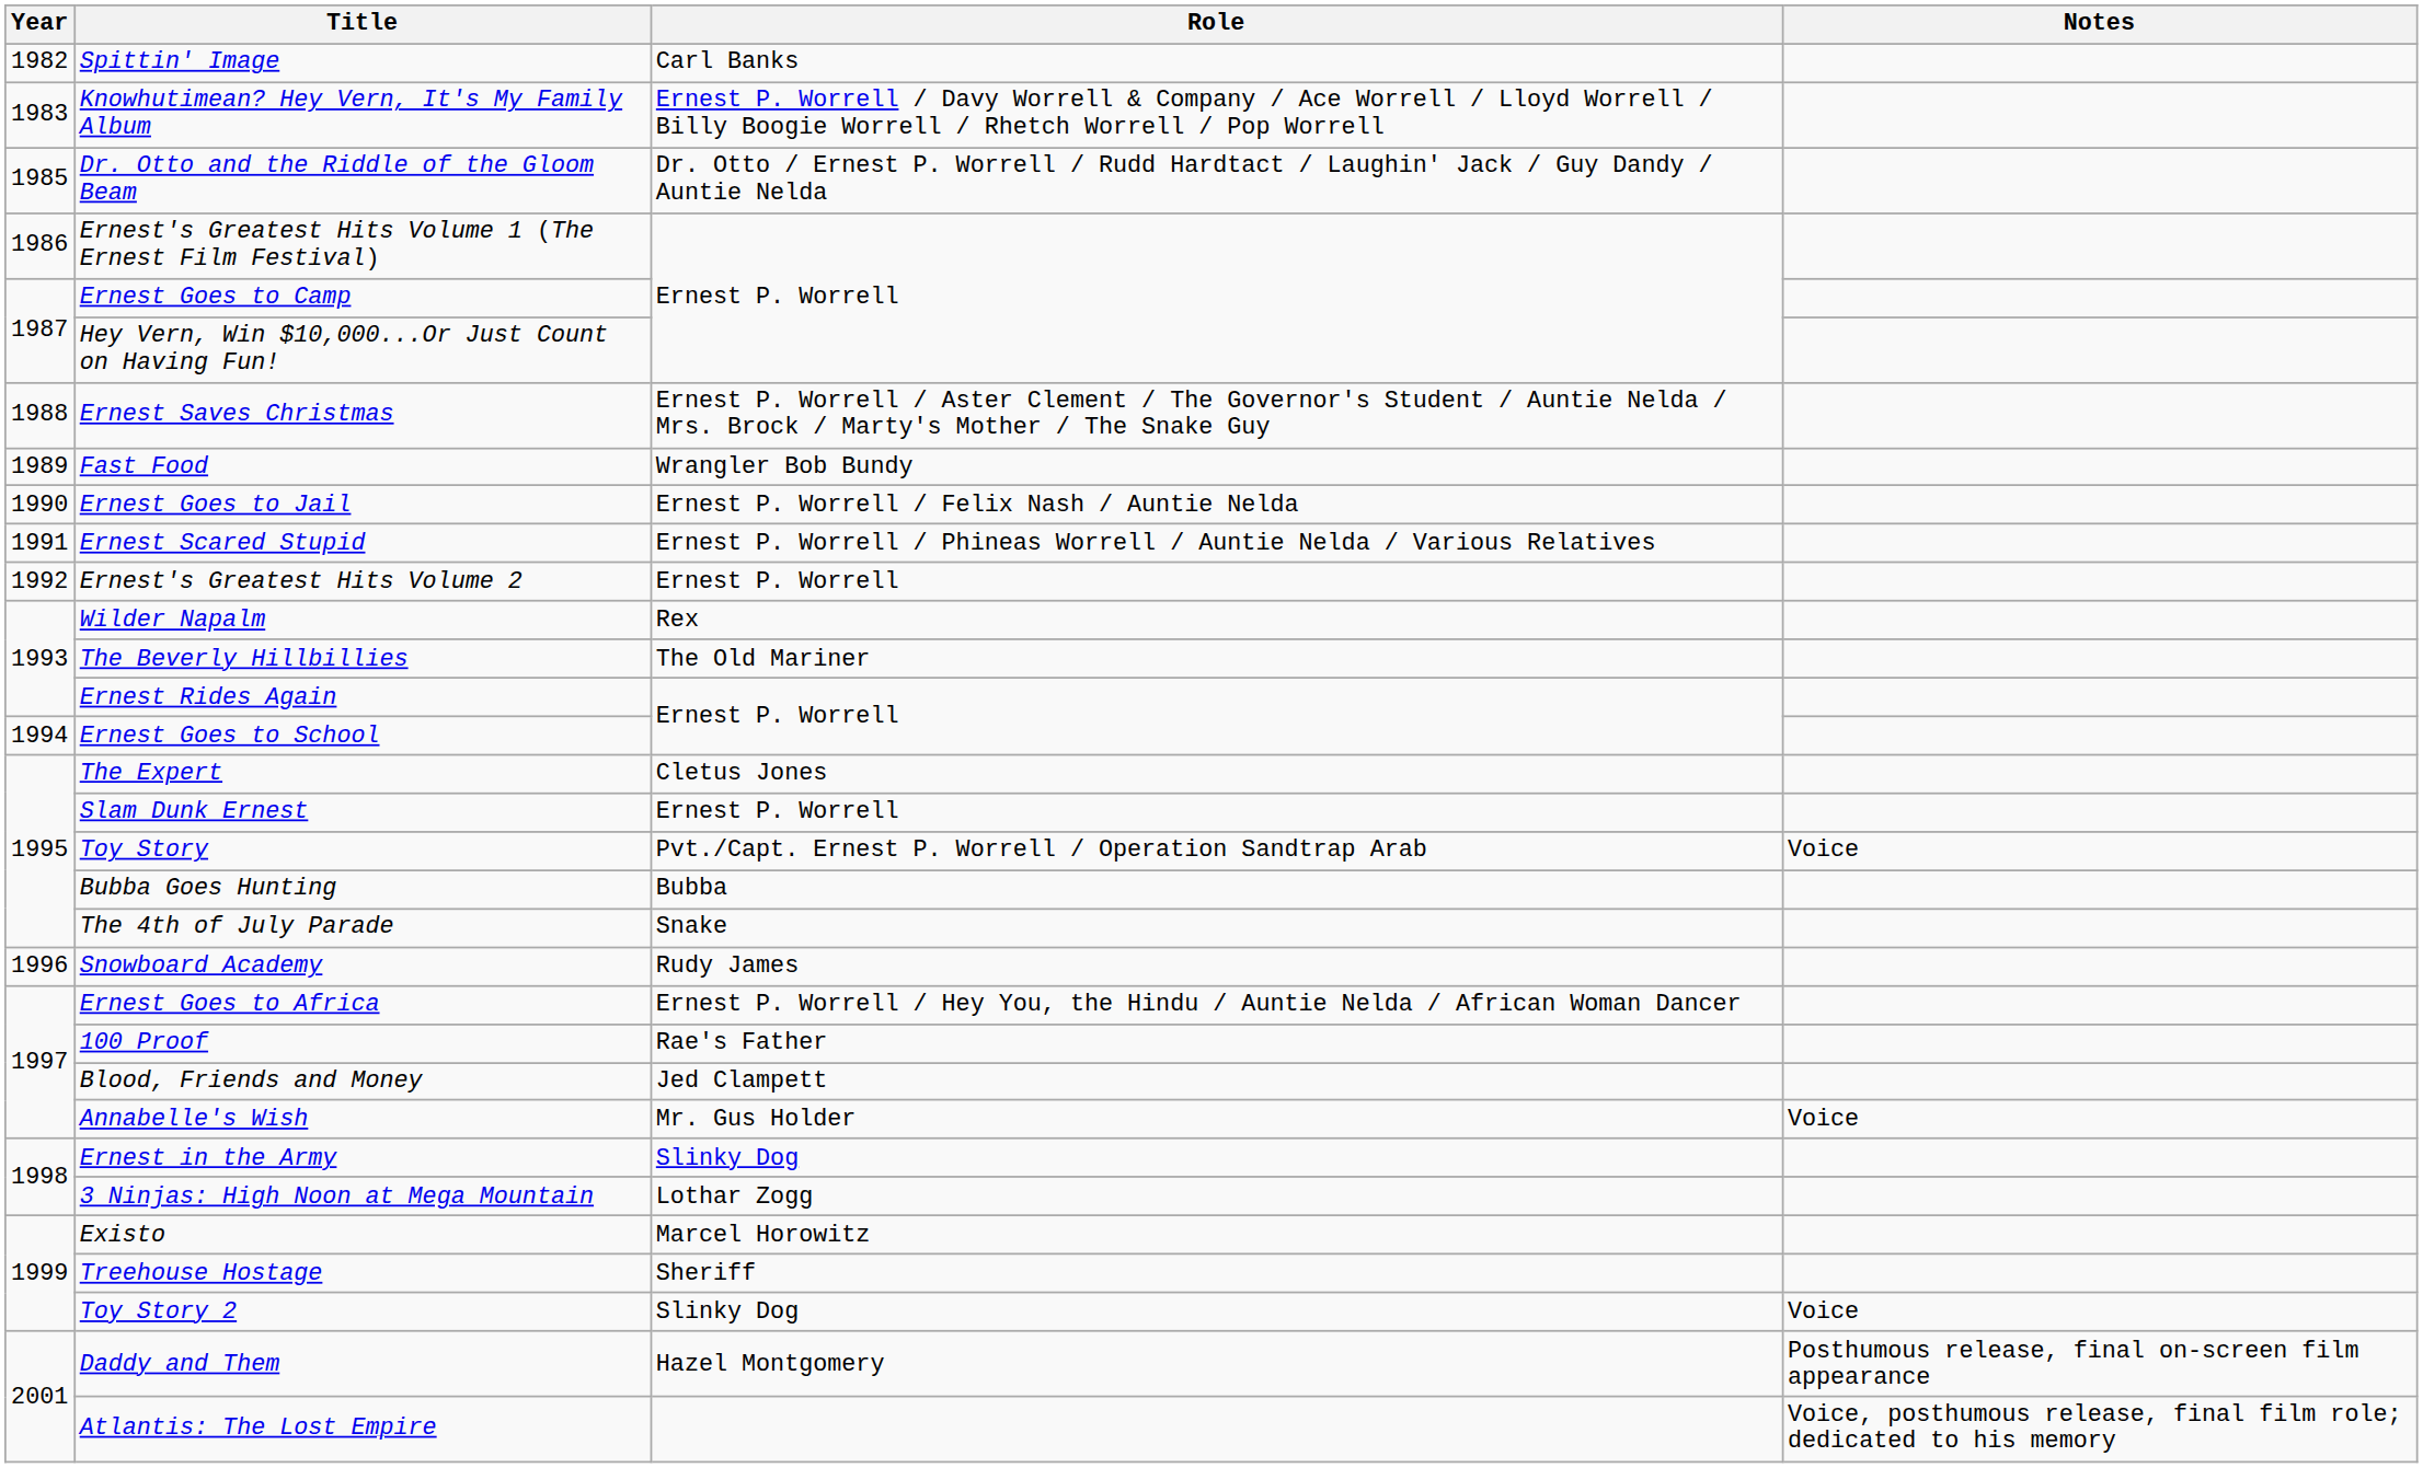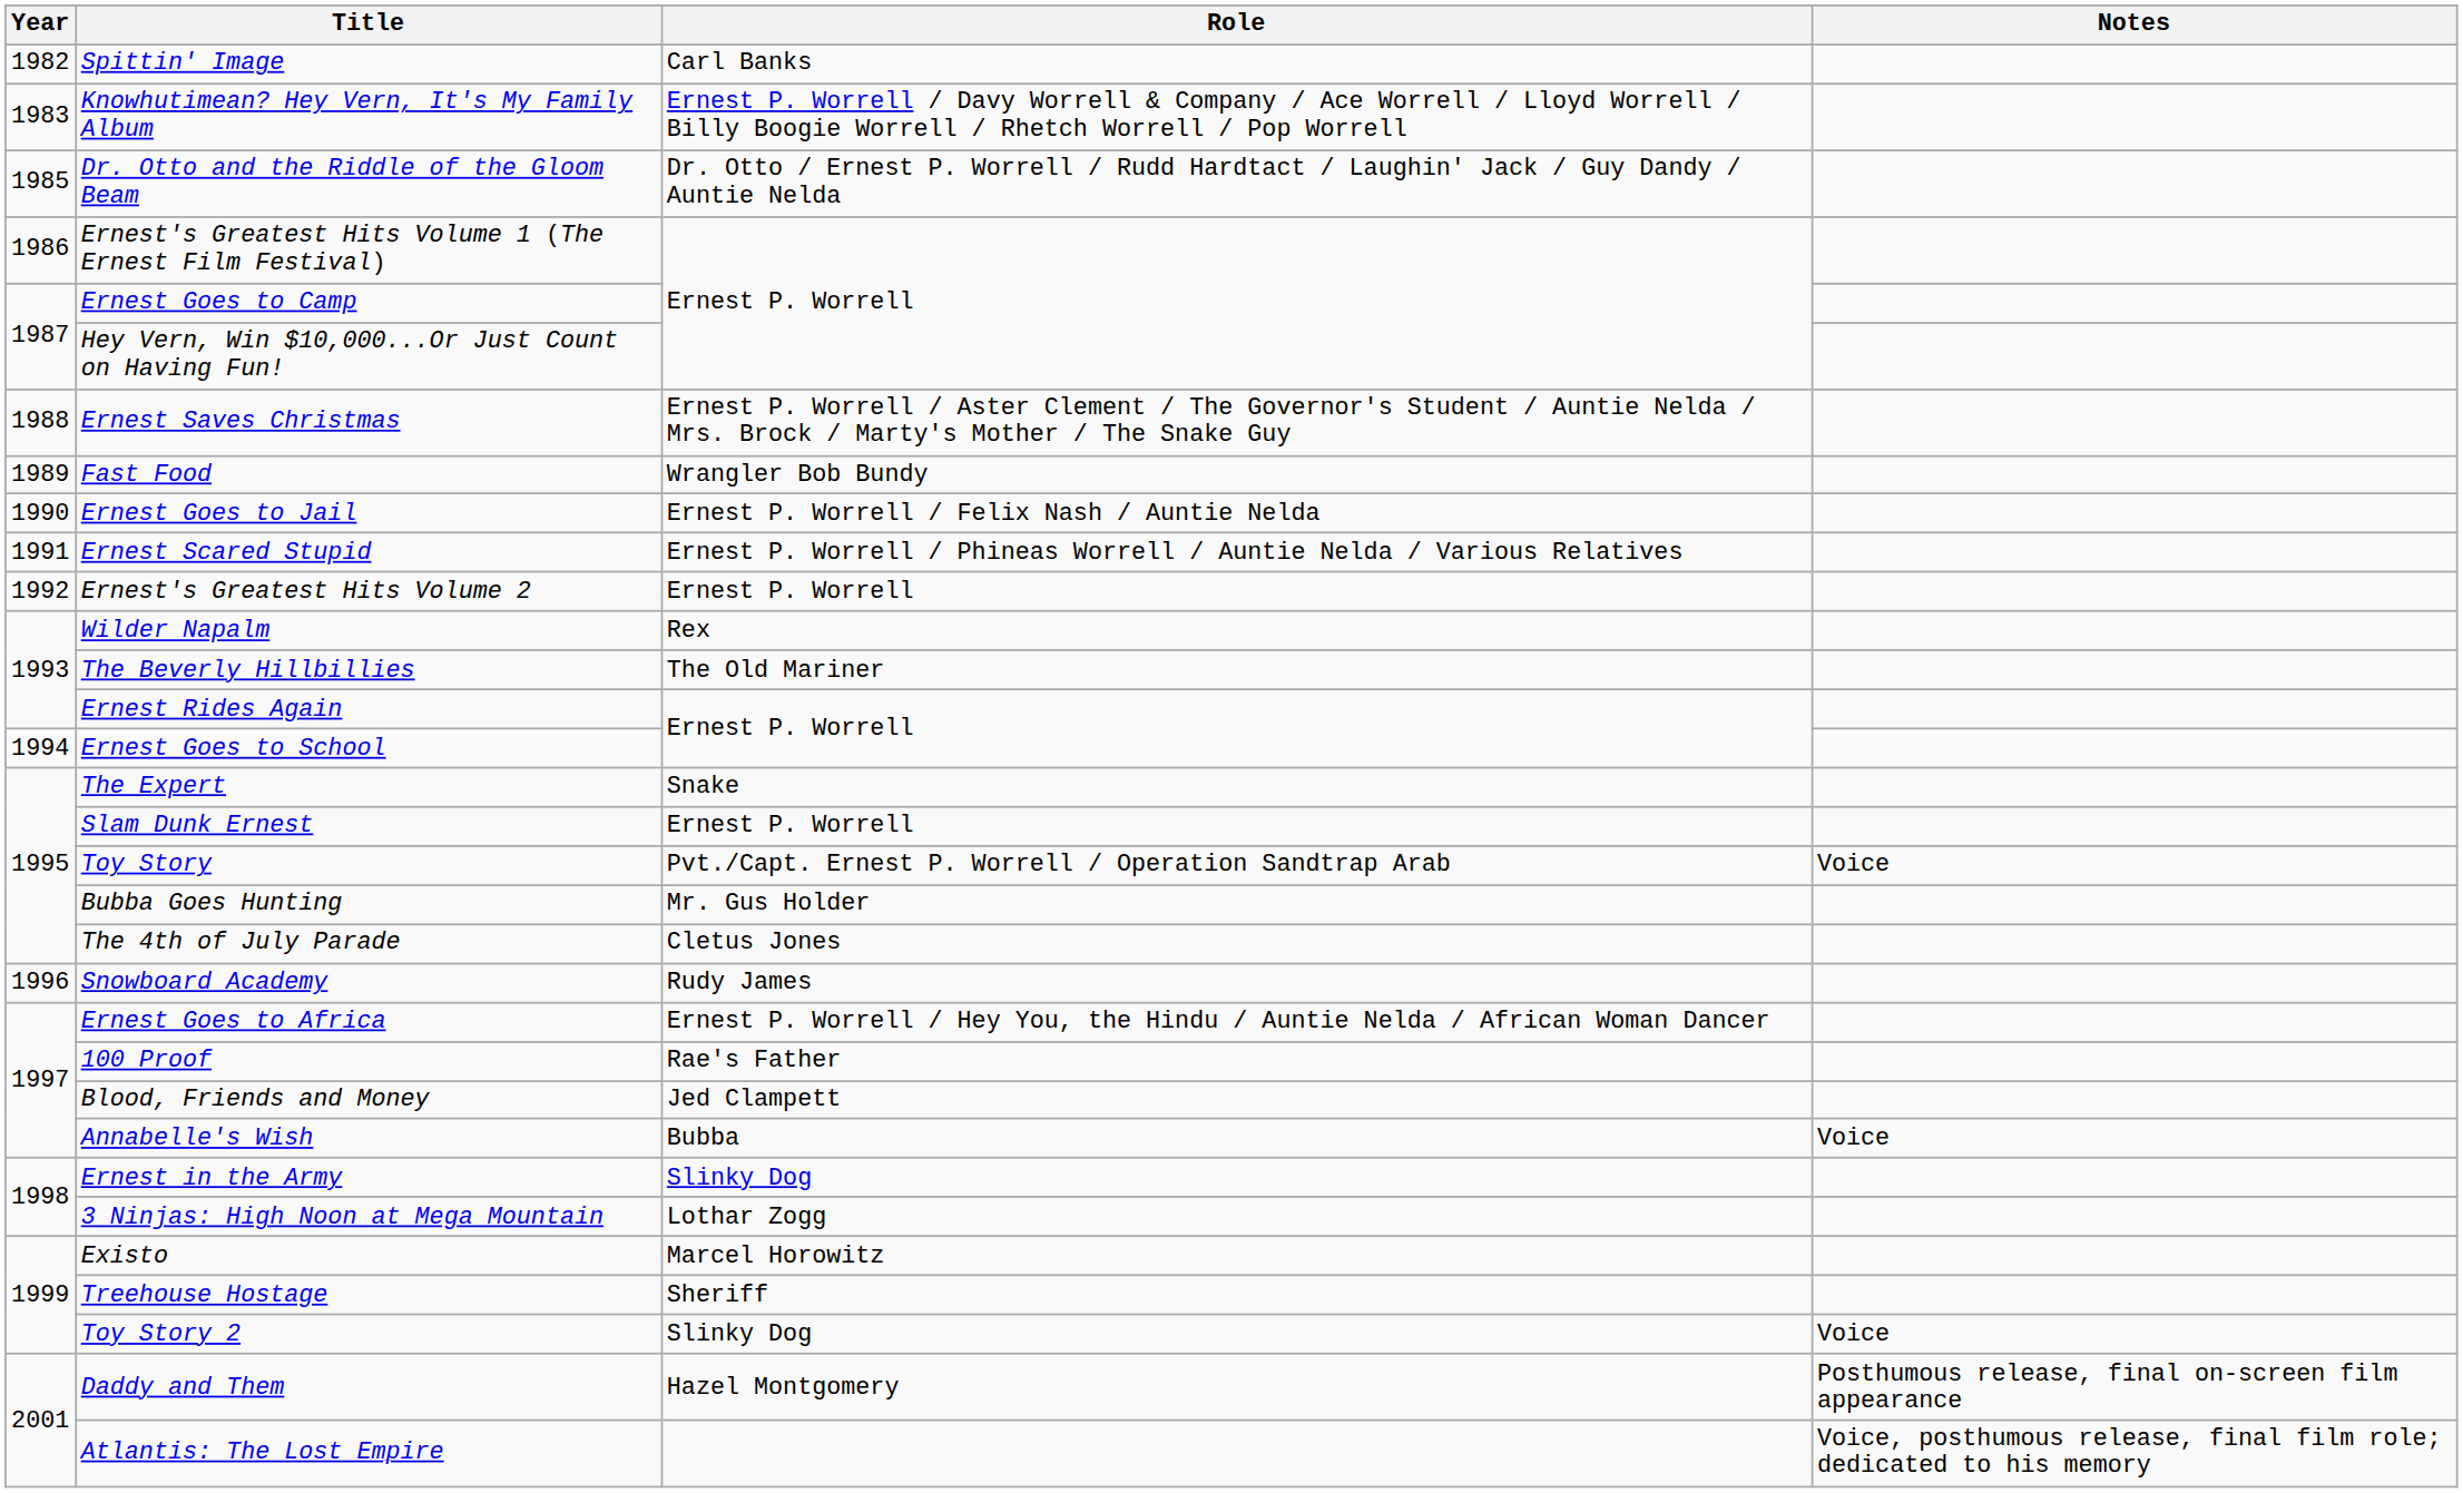 <table class="wikitable sortable shortable" style="font-size: 95%;">
 <tr align="center">
 <th>Year</th>
 <th>Title</th>
 <th>Role</th>
 <th>Notes</th>
 </tr>
 <tr>
 <td>1982</td>
 <td><em><a href='#'>Spittin' Image</a></em></td>
 <td>Carl Banks</td>
 <td></td>
 </tr>
 <tr>
 <td>1983</td>
 <td><em><a href='#'>Knowhutimean? Hey Vern, It's My Family Album</a></em></td>
 <td><a href='#'>Ernest P. Worrell</a> / Davy Worrell & Company / Ace Worrell / Lloyd Worrell / Billy Boogie Worrell / Rhetch Worrell / Pop Worrell</td>
 <td></td>
 </tr>
 <tr>
 <td>1985</td>
 <td><em><a href='#'>Dr. Otto and the Riddle of the Gloom Beam</a></em></td>
 <td>Dr. Otto / Ernest P. Worrell / Rudd Hardtact / Laughin' Jack / Guy Dandy / Auntie Nelda</td>
 <td></td>
 </tr>
 <tr>
 <td>1986</td>
 <td><em>Ernest's Greatest Hits Volume 1</em> (<em>The Ernest Film Festival</em>)</td>
 <td rowspan="3">Ernest P. Worrell</td>
 <td></td>
 </tr>
 <tr>
 <td rowspan=2>1987</td>
 <td><em><a href='#'>Ernest Goes to Camp</a></em></td>
 <td></td>
 </tr>
 <tr>
 <td><em>Hey Vern, Win $10,000...Or Just Count on Having Fun!</em></td>
 <td></td>
 </tr>
 <tr>
 <td>1988</td>
 <td><em><a href='#'>Ernest Saves Christmas</a></em></td>
 <td>Ernest P. Worrell / Aster Clement / The Governor's Student / Auntie Nelda / Mrs. Brock / Marty's Mother / The Snake Guy</td>
 <td></td>
 </tr>
 <tr>
 <td>1989</td>
 <td><em><a href='#'>Fast Food</a></em></td>
 <td>Wrangler Bob Bundy</td>
 <td></td>
 </tr>
 <tr>
 <td>1990</td>
 <td><em><a href='#'>Ernest Goes to Jail</a></em></td>
 <td>Ernest P. Worrell / Felix Nash / Auntie Nelda</td>
 <td></td>
 </tr>
 <tr>
 <td>1991</td>
 <td><em><a href='#'>Ernest Scared Stupid</a></em></td>
 <td>Ernest P. Worrell / Phineas Worrell / Auntie Nelda / Various Relatives</td>
 <td></td>
 </tr>
 <tr>
 <td>1992</td>
 <td><em>Ernest's Greatest Hits Volume 2</em></td>
 <td>Ernest P. Worrell</td>
 <td></td>
 </tr>
 <tr>
 <td rowspan=3>1993</td>
 <td><em><a href='#'>Wilder Napalm</a></em></td>
 <td>Rex</td>
 <td></td>
 </tr>
 <tr>
 <td><em><a href='#'>The Beverly Hillbillies</a></em></td>
 <td>The Old Mariner</td>
 <td></td>
 </tr>
 <tr>
 <td><em><a href='#'>Ernest Rides Again</a></em></td>
 <td rowspan="2">Ernest P. Worrell</td>
 <td></td>
 </tr>
 <tr>
 <td>1994</td>
 <td><em><a href='#'>Ernest Goes to School</a></em></td>
 <td></td>
 </tr>
 <tr>
 <td rowspan=5>1995</td>
 <td><em><a href='#'>The Expert</a></em></td>
-<td>Cletus Jones</td>
+<td>Snake</td>
 <td></td>
 </tr>
 <tr>
 <td><em><a href='#'>Slam Dunk Ernest</a></em></td>
 <td>Ernest P. Worrell</td>
 <td></td>
 </tr>
 <tr>
 <td><em><a href='#'>Toy Story</a></em></td>
 <td>Pvt./Capt. Ernest P. Worrell / Operation Sandtrap Arab</td>
 <td>Voice</td>
 </tr>
 <tr>
 <td><em>Bubba Goes Hunting</em></td>
-<td>Bubba</td>
+<td>Mr. Gus Holder</td>
 <td></td>
 </tr>
 <tr>
 <td><em>The 4th of July Parade</em></td>
-<td>Snake</td>
+<td>Cletus Jones</td>
 <td></td>
 </tr>
 <tr>
 <td>1996</td>
 <td><em><a href='#'>Snowboard Academy</a></em></td>
 <td>Rudy James</td>
 <td></td>
 </tr>
 <tr>
 <td rowspan=4>1997</td>
 <td><em><a href='#'>Ernest Goes to Africa</a></em></td>
 <td>Ernest P. Worrell / Hey You, the Hindu / Auntie Nelda / African Woman Dancer</td>
 <td></td>
 </tr>
 <tr>
 <td><em><a href='#'>100 Proof</a></em></td>
 <td>Rae's Father</td>
 <td></td>
 </tr>
 <tr>
 <td><em>Blood, Friends and Money</em></td>
 <td>Jed Clampett</td>
 <td></td>
 </tr>
 <tr>
 <td><em><a href='#'>Annabelle's Wish</a></em></td>
-<td>Mr. Gus Holder</td>
+<td>Bubba</td>
 <td>Voice</td>
 </tr>
 <tr>
 <td rowspan=2>1998</td>
 <td><em><a href='#'>Ernest in the Army</a></em></td>
 <td><a href='#'>Slinky Dog</a></td>
 <td></td>
 </tr>
 <tr>
 <td><em><a href='#'>3 Ninjas: High Noon at Mega Mountain</a></em></td>
 <td>Lothar Zogg</td>
 <td></td>
 </tr>
 <tr>
 <td rowspan=3>1999</td>
 <td><em>Existo</em></td>
 <td>Marcel Horowitz</td>
 <td></td>
 </tr>
 <tr>
 <td><em><a href='#'>Treehouse Hostage</a></em></td>
 <td>Sheriff</td>
 <td></td>
 </tr>
 <tr>
 <td><em><a href='#'>Toy Story 2</a></em></td>
 <td>Slinky Dog</td>
 <td>Voice</td>
 </tr>
 <tr>
 <td rowspan=2>2001</td>
 <td><em><a href='#'>Daddy and Them</a></em></td>
 <td>Hazel Montgomery</td>
 <td>Posthumous release, final on-screen film appearance</td>
 </tr>
 <tr>
 <td><em><a href='#'>Atlantis: The Lost Empire</a></em></td>
 <td></td>
 <td>Voice, posthumous release, final film role; dedicated to his memory</td>
 </tr>
 </table>
